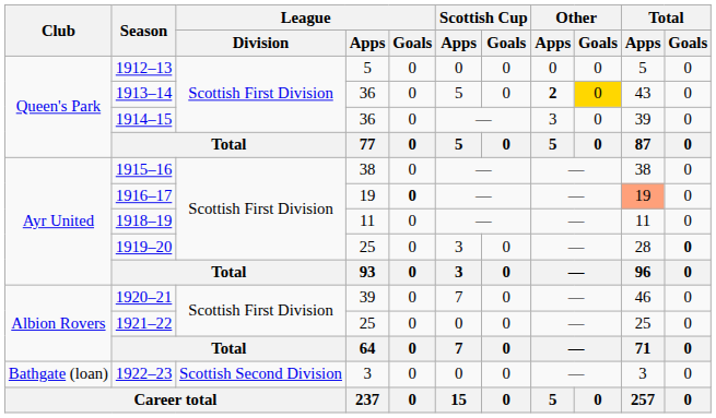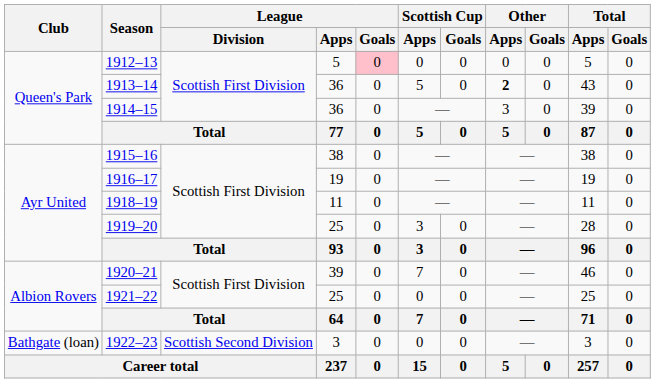 <table class="wikitable" style="text-align: center;">
 <tr>
 <th rowspan="2">Club</th>
 <th rowspan="2">Season</th>
 <th colspan="3">League</th>
 <th colspan="2">Scottish Cup</th>
 <th colspan="2">Other</th>
 <th colspan="2">Total</th>
 </tr>
 <tr>
 <th>Division</th>
 <th>Apps</th>
 <th>Goals</th>
 <th>Apps</th>
 <th>Goals</th>
 <th>Apps</th>
 <th>Goals</th>
 <th>Apps</th>
 <th>Goals</th>
 </tr>
 <tr>
 <td rowspan="4"><a href='#'>Queen's Park</a></td>
 <td><a href='#'>1912–13</a></td>
 <td rowspan="3"><a href='#'>Scottish First Division</a></td>
 <td>5</td>
-<td>0</td>
+<td style="background: pink;">0</td>
 <td>0</td>
 <td>0</td>
 <td>0</td>
 <td>0</td>
 <td>5</td>
 <td>0</td>
 </tr>
 <tr>
 <td><a href='#'>1913–14</a></td>
 <td>36</td>
 <td>0</td>
 <td>5</td>
 <td>0</td>
 <td><strong>2</strong></td>
-<td style="background: gold;">0</td>
+<td>0</td>
 <td>43</td>
 <td>0</td>
 </tr>
 <tr>
 <td><a href='#'>1914–15</a></td>
 <td>36</td>
 <td>0</td>
 <td colspan="2">—</td>
 <td>3</td>
 <td>0</td>
 <td>39</td>
 <td>0</td>
 </tr>
 <tr>
 <th colspan="2">Total</th>
 <th>77</th>
 <th>0</th>
 <th>5</th>
 <th>0</th>
 <th>5</th>
 <th>0</th>
 <th>87</th>
 <th>0</th>
 </tr>
 <tr>
 <td rowspan="5"><a href='#'>Ayr United</a></td>
 <td><a href='#'>1915–16</a></td>
 <td rowspan="4">Scottish First Division</td>
 <td>38</td>
 <td>0</td>
 <td colspan="2">—</td>
 <td colspan="2">—</td>
 <td>38</td>
 <td>0</td>
 </tr>
 <tr>
 <td><a href='#'>1916–17</a></td>
 <td>19</td>
-<td><strong>0</strong></td>
+<td>0</td>
 <td colspan="2">—</td>
 <td colspan="2">—</td>
-<td style="background: lightsalmon;">19</td>
+<td>19</td>
 <td>0</td>
 </tr>
 <tr>
 <td><a href='#'>1918–19</a></td>
 <td>11</td>
 <td>0</td>
 <td colspan="2">—</td>
 <td colspan="2">—</td>
 <td>11</td>
 <td>0</td>
 </tr>
 <tr>
 <td><a href='#'>1919–20</a></td>
 <td>25</td>
 <td>0</td>
 <td>3</td>
 <td>0</td>
 <td colspan="2">—</td>
 <td>28</td>
-<td><strong>0</strong></td>
+<td>0</td>
 </tr>
 <tr>
 <th colspan="2">Total</th>
 <th>93</th>
 <th>0</th>
 <th>3</th>
 <th>0</th>
 <th colspan="2">—</th>
 <th>96</th>
 <th>0</th>
 </tr>
 <tr>
 <td rowspan="3"><a href='#'>Albion Rovers</a></td>
 <td><a href='#'>1920–21</a></td>
 <td rowspan="2">Scottish First Division</td>
 <td>39</td>
 <td>0</td>
 <td>7</td>
 <td>0</td>
 <td colspan="2">—</td>
 <td>46</td>
 <td>0</td>
 </tr>
 <tr>
 <td><a href='#'>1921–22</a></td>
 <td>25</td>
 <td>0</td>
 <td>0</td>
 <td>0</td>
 <td colspan="2">—</td>
 <td>25</td>
 <td>0</td>
 </tr>
 <tr>
 <th colspan="2">Total</th>
 <th>64</th>
 <th>0</th>
 <th>7</th>
 <th>0</th>
 <th colspan="2">—</th>
 <th>71</th>
 <th>0</th>
 </tr>
 <tr>
 <td><a href='#'>Bathgate</a> (loan)</td>
 <td><a href='#'>1922–23</a></td>
 <td><a href='#'>Scottish Second Division</a></td>
 <td>3</td>
 <td>0</td>
 <td>0</td>
 <td>0</td>
 <td colspan="2">—</td>
 <td>3</td>
 <td>0</td>
 </tr>
 <tr>
 <th colspan="3">Career total</th>
 <th>237</th>
 <th>0</th>
 <th>15</th>
 <th>0</th>
 <th>5</th>
 <th>0</th>
 <th>257</th>
 <th>0</th>
 </tr>
 </table>
